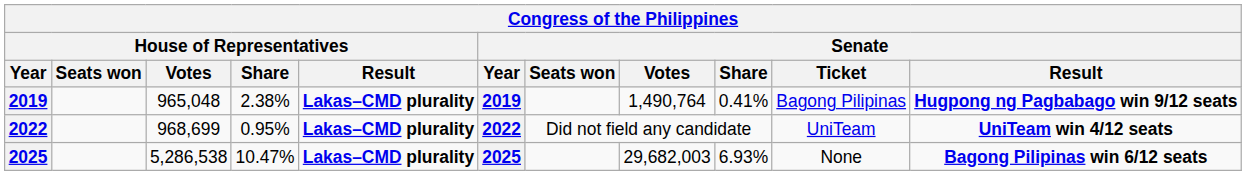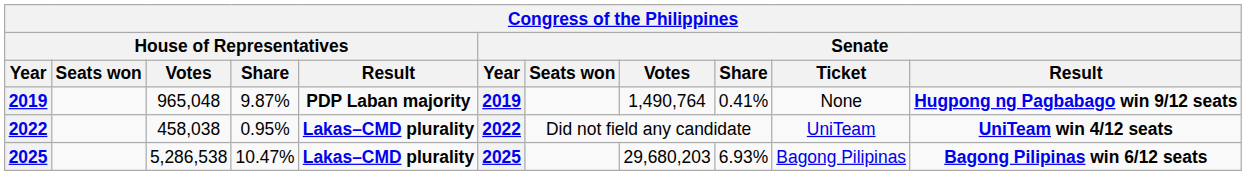 <table class="wikitable" style="text-align:center; font-size:90%">
 <tr>
 <th colspan="11"><a href='#'>Congress of the Philippines</a></th>
 </tr>
 <tr>
 <th colspan="5">House of Representatives</th>
 <th colspan="6">Senate</th>
 </tr>
 <tr>
 <th>Year</th>
 <th>Seats won</th>
 <th>Votes</th>
 <th>Share</th>
 <th>Result</th>
 <th>Year</th>
 <th>Seats won</th>
 <th>Votes</th>
 <th>Share</th>
 <th>Ticket</th>
 <th>Result</th>
 </tr>
 <tr>
 <th><a href='#'>2019</a></th>
 <td></td>
 <td>965,048</td>
-<td>2.38%</td>
-<td><strong><a href='#'>Lakas–CMD</a> plurality</strong></td>
+<td>9.87%</td>
+<td><strong>PDP Laban majority</strong></td>
 <th><a href='#'>2019</a></th>
 <td></td>
 <td>1,490,764</td>
 <td>0.41%</td>
-<td><a href='#'>Bagong Pilipinas</a></td>
+<td>None</td>
 <td><strong><a href='#'>Hugpong ng Pagbabago</a> win 9/12 seats</strong></td>
 </tr>
 <tr>
 <th><a href='#'>2022</a></th>
 <td></td>
-<td>968,699</td>
+<td>458,038</td>
 <td>0.95%</td>
 <td><strong><a href='#'>Lakas–CMD</a> plurality</strong></td>
 <th><a href='#'>2022</a></th>
 <td colspan="3">Did not field any candidate</td>
 <td><a href='#'>UniTeam</a></td>
 <td><strong><a href='#'>UniTeam</a> win 4/12 seats</strong></td>
 </tr>
 <tr>
 <th><a href='#'>2025</a></th>
 <td></td>
 <td>5,286,538</td>
 <td>10.47%</td>
 <td><strong><a href='#'>Lakas–CMD</a> plurality</strong></td>
 <th><a href='#'>2025</a></th>
 <td></td>
-<td>29,682,003</td>
+<td>29,680,203</td>
 <td>6.93%</td>
-<td>None</td>
+<td><a href='#'>Bagong Pilipinas</a></td>
 <td><strong><a href='#'>Bagong Pilipinas</a> win 6/12 seats</strong></td>
 </tr>
 </table>
